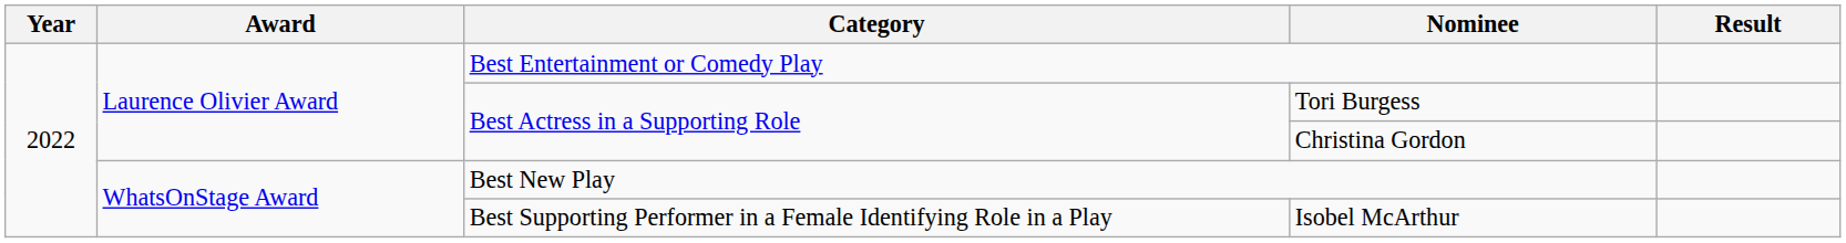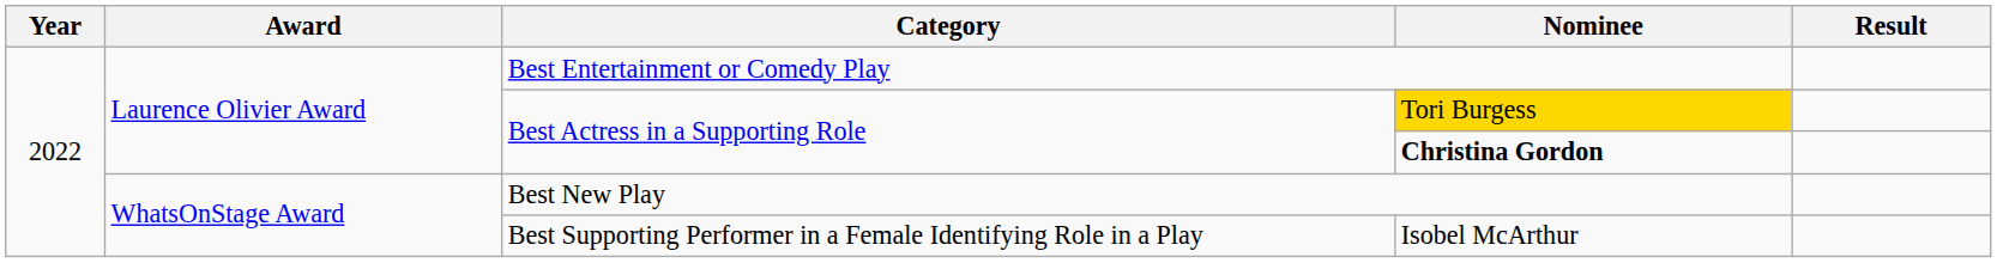 <table class="wikitable" style="width:95%;">
 <tr>
 <th style="width:5%;">Year</th>
 <th style="width:20%;">Award</th>
 <th style="width:45%;">Category</th>
 <th style="width:20%;">Nominee</th>
 <th style="width:10%;">Result</th>
 </tr>
 <tr>
 <td rowspan="5" align="center">2022</td>
 <td rowspan="3"><a href='#'>Laurence Olivier Award</a></td>
 <td colspan="2"><a href='#'>Best Entertainment or Comedy Play</a></td>
 <td></td>
 </tr>
 <tr>
 <td rowspan="2"><a href='#'>Best Actress in a Supporting Role</a></td>
-<td>Tori Burgess</td>
+<td style="background: gold;">Tori Burgess</td>
 <td></td>
 </tr>
 <tr>
-<td>Christina Gordon</td>
+<td><strong>Christina Gordon</strong></td>
 <td></td>
 </tr>
 <tr>
 <td rowspan="2"><a href='#'>WhatsOnStage Award</a></td>
 <td colspan="2">Best New Play</td>
 <td></td>
 </tr>
 <tr>
 <td>Best Supporting Performer in a Female Identifying Role in a Play</td>
 <td>Isobel McArthur</td>
 <td></td>
 </tr>
 </table>
